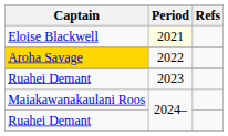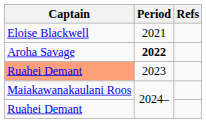 <table class="wikitable" style="text-align: center;">
 <tr>
 <th>Captain</th>
 <th>Period</th>
 <th>Refs</th>
 </tr>
 <tr>
 <td align="left"> <a href='#'>Eloise Blackwell</a></td>
-<td style="background: lightyellow;">2021</td>
+<td>2021</td>
 <td></td>
 </tr>
 <tr>
-<td align="left" style="background: gold;"> <a href='#'>Aroha Savage</a></td>
-<td>2022</td>
+<td align="left"> <a href='#'>Aroha Savage</a></td>
+<td><strong>2022</strong></td>
 <td></td>
 </tr>
 <tr>
-<td align="left"> <a href='#'>Ruahei Demant</a></td>
+<td align="left" style="background: lightsalmon;"> <a href='#'>Ruahei Demant</a></td>
 <td>2023</td>
 <td></td>
 </tr>
 <tr>
 <td align="left"> <a href='#'>Maiakawanakaulani Roos</a></td>
 <td rowspan="2">2024–</td>
 <td></td>
 </tr>
 <tr>
 <td align="left"> <a href='#'>Ruahei Demant</a></td>
 <td></td>
 </tr>
 </table>
